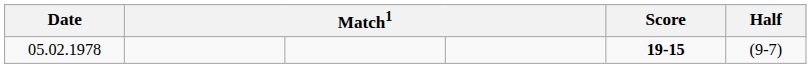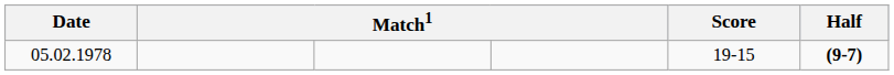 <table width=750 class="wikitable">
 <tr bgcolor="lightsteelblue">
 <th width=15%>Date</th>
 <th width=60% colspan=3>Match<sup>1</sup></th>
 <th width=15%>Score</th>
 <th width=15%>Half</th>
 </tr>
 <tr style=font-size:95%>
 <td align=center>05.02.1978</td>
 <td align=center></td>
 <td></td>
 <td></td>
-<td align=center><strong>19-15</strong></td>
-<td align=center>(9-7)</td>
+<td align=center>19-15</td>
+<td align=center><strong>(9-7)</strong></td>
 </tr>
 </table>
